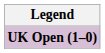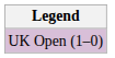 <table class="wikitable">
 <tr>
 <th>Legend</th>
 </tr>
 <tr style="background:thistle;">
-<td><strong>UK Open (1–0)</strong></td>
+<td>UK Open (1–0)</td>
 </tr>
 </table>
